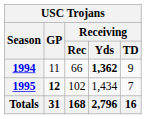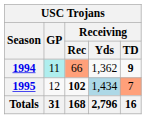 <table class="wikitable" style="text-align:center;">
 <tr>
 <th colspan="15">USC Trojans</th>
 </tr>
 <tr>
 <th rowspan="2">Season</th>
 <th rowspan="2">GP</th>
 <th colspan="3">Receiving</th>
 </tr>
 <tr>
 <th>Rec</th>
 <th>Yds</th>
 <th>TD</th>
 </tr>
 <tr>
 <th><a href='#'>1994</a></th>
-<td>11</td>
-<td>66</td>
-<td><strong>1,362</strong></td>
-<td>9</td>
+<td style="background: paleturquoise;">11</td>
+<td style="background: lightsalmon;">66</td>
+<td>1,362</td>
+<td><strong>9</strong></td>
 </tr>
 <tr>
 <th><a href='#'>1995</a></th>
-<td><strong>12</strong></td>
-<td>102</td>
-<td>1,434</td>
-<td>7</td>
+<td>12</td>
+<td><strong>102</strong></td>
+<td style="background: lightblue;">1,434</td>
+<td style="background: lightsalmon;">7</td>
 </tr>
 <tr>
 <th>Totals</th>
 <th>31</th>
 <th>168</th>
 <th>2,796</th>
 <th>16</th>
 </tr>
 </table>
